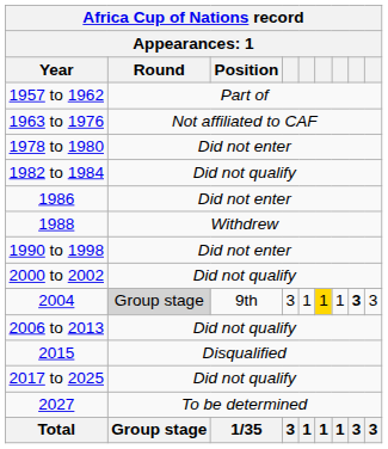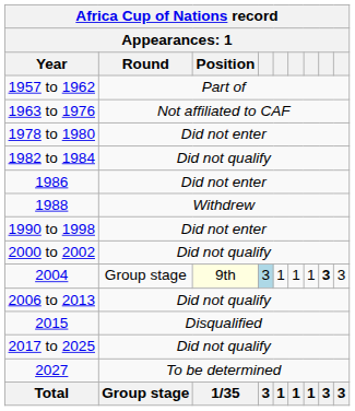 <table class="wikitable" style="text-align: center;">
 <tr>
 <th colspan=9><a href='#'>Africa Cup of Nations</a> record</th>
 </tr>
 <tr>
 <th colspan=9>Appearances: 1</th>
 </tr>
 <tr>
 <th>Year</th>
 <th>Round</th>
 <th>Position</th>
 <th></th>
 <th></th>
 <th></th>
 <th></th>
 <th></th>
 <th></th>
 </tr>
 <tr>
 <td> <a href='#'>1957</a> to  <a href='#'>1962</a></td>
 <td colspan=8><em>Part of </em></td>
 </tr>
 <tr>
 <td> <a href='#'>1963</a> to  <a href='#'>1976</a></td>
 <td colspan=8><em>Not affiliated to CAF</em></td>
 </tr>
 <tr>
 <td> <a href='#'>1978</a> to  <a href='#'>1980</a></td>
 <td colspan=8><em>Did not enter</em></td>
 </tr>
 <tr>
 <td> <a href='#'>1982</a> to  <a href='#'>1984</a></td>
 <td colspan=8><em>Did not qualify</em></td>
 </tr>
 <tr>
 <td> <a href='#'>1986</a></td>
 <td colspan=8><em>Did not enter</em></td>
 </tr>
 <tr>
 <td> <a href='#'>1988</a></td>
 <td colspan=8><em>Withdrew</em></td>
 </tr>
 <tr>
 <td> <a href='#'>1990</a> to  <a href='#'>1998</a></td>
 <td colspan=8><em>Did not enter</em></td>
 </tr>
 <tr>
 <td>  <a href='#'>2000</a> to  <a href='#'>2002</a></td>
 <td colspan=8><em>Did not qualify</em></td>
 </tr>
 <tr>
 <td> <a href='#'>2004</a></td>
-<td style="background: lightgrey;">Group stage</td>
-<td>9th</td>
-<td>3</td>
+<td>Group stage</td>
+<td style="background: lightyellow;">9th</td>
+<td style="background: lightblue;">3</td>
 <td>1</td>
-<td style="background: gold;">1</td>
+<td>1</td>
 <td>1</td>
 <td><strong>3</strong></td>
 <td>3</td>
 </tr>
 <tr>
 <td> <a href='#'>2006</a> to  <a href='#'>2013</a></td>
 <td colspan=8><em>Did not qualify</em></td>
 </tr>
 <tr>
 <td> <a href='#'>2015</a></td>
 <td colspan=8><em>Disqualified</em></td>
 </tr>
 <tr>
 <td> <a href='#'>2017</a> to  <a href='#'>2025</a></td>
 <td colspan=8><em>Did not qualify</em></td>
 </tr>
 <tr>
 <td>   <a href='#'>2027</a></td>
 <td colspan=8><em>To be determined</em></td>
 </tr>
 <tr>
 <th>Total</th>
 <th>Group stage</th>
 <th>1/35</th>
 <th>3</th>
 <th>1</th>
 <th>1</th>
 <th>1</th>
 <th>3</th>
 <th>3</th>
 </tr>
 </table>
